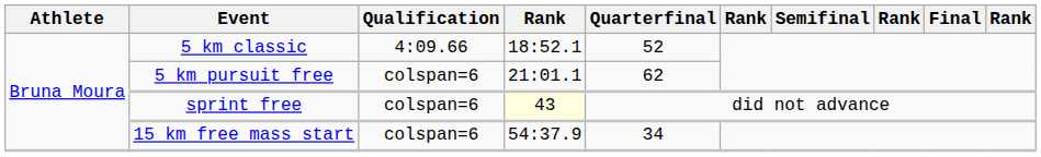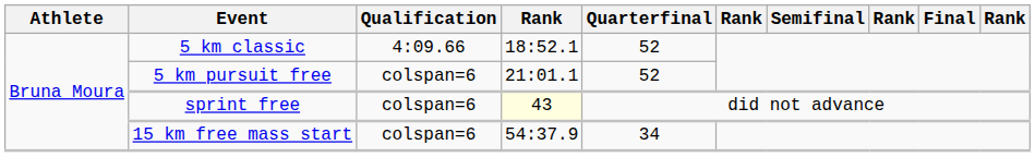 <table class="wikitable" border="1">
 <tr>
 <th>Athlete</th>
 <th>Event</th>
 <th>Qualification</th>
 <th>Rank</th>
 <th>Quarterfinal</th>
 <th>Rank</th>
 <th>Semifinal</th>
 <th>Rank</th>
 <th>Final</th>
 <th>Rank</th>
 </tr>
 <tr align=center>
 <td align=left rowspan=4><a href='#'>Bruna Moura</a></td>
 <td><a href='#'>5 km classic</a></td>
 <td>4:09.66</td>
 <td>18:52.1</td>
 <td>52</td>
 </tr>
 <tr align=center style="border-bottom:2px solid silver;">
 <td><a href='#'>5 km pursuit free</a></td>
 <td>colspan=6 </td>
 <td>21:01.1</td>
-<td>62</td>
+<td>52</td>
 </tr>
 <tr align=center style="border-bottom:2px solid silver;">
 <td><a href='#'>sprint free</a></td>
 <td>colspan=6 </td>
 <td style="background: lightyellow;">43</td>
 <td colspan=6>did not advance</td>
 </tr>
 <tr align=center style="border-bottom:2px solid silver;">
 <td><a href='#'>15 km free mass start</a></td>
 <td>colspan=6 </td>
 <td>54:37.9</td>
 <td>34</td>
 </tr>
 </table>
